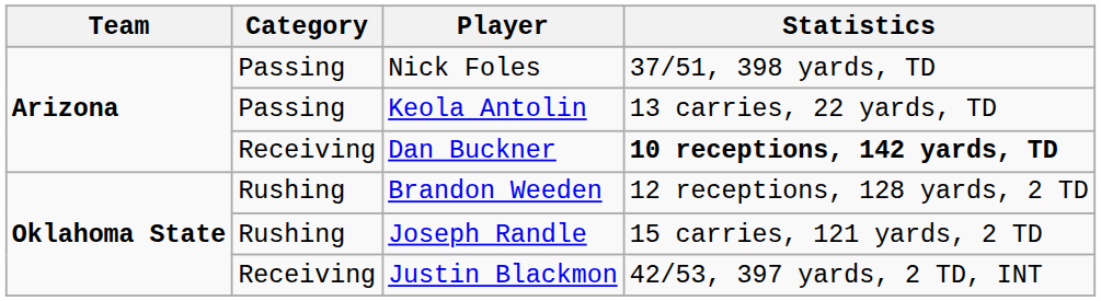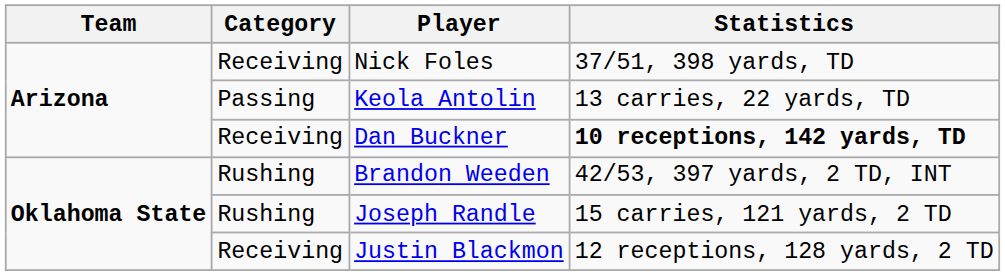 <table class="wikitable" style="float: right;">
 <tr>
 <th>Team</th>
 <th>Category</th>
 <th>Player</th>
 <th>Statistics</th>
 </tr>
 <tr>
 <td rowspan=3><strong>Arizona</strong></td>
-<td>Passing</td>
+<td>Receiving</td>
 <td>Nick Foles</td>
 <td>37/51, 398 yards, TD</td>
 </tr>
 <tr>
 <td>Passing</td>
 <td><a href='#'>Keola Antolin</a></td>
 <td>13 carries, 22 yards, TD</td>
 </tr>
 <tr>
 <td>Receiving</td>
 <td><a href='#'>Dan Buckner</a></td>
 <td><strong>10 receptions, 142 yards, TD</strong></td>
 </tr>
 <tr>
 <td rowspan=3><strong>Oklahoma State</strong></td>
 <td>Rushing</td>
 <td><a href='#'>Brandon Weeden</a></td>
-<td>12 receptions, 128 yards, 2 TD</td>
+<td>42/53, 397 yards, 2 TD, INT</td>
 </tr>
 <tr>
 <td>Rushing</td>
 <td><a href='#'>Joseph Randle</a></td>
 <td>15 carries, 121 yards, 2 TD</td>
 </tr>
 <tr>
 <td>Receiving</td>
 <td><a href='#'>Justin Blackmon</a></td>
-<td>42/53, 397 yards, 2 TD, INT</td>
+<td>12 receptions, 128 yards, 2 TD</td>
 </tr>
 </table>
